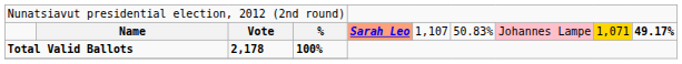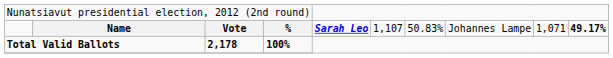 <table class="wikitable">
 <tr>
 <td colspan=4 align=center>Nunatsiavut presidential election, 2012 (2nd round)</td>
 </tr>
 <tr>
 <td></td>
 <th><strong>Name </strong></th>
 <th><strong>Vote</strong></th>
 <th><strong>%</strong><br></th>
-<td style="background: lightsalmon;"><strong><em><a href='#'>Sarah Leo</a></em></strong></td>
+<td><strong><em><a href='#'>Sarah Leo</a></em></strong></td>
 <td>1,107</td>
 <td>50.83%<br></td>
-<td style="background: pink;">Johannes Lampe</td>
-<td style="background: gold;">1,071</td>
+<td>Johannes Lampe</td>
+<td>1,071</td>
 <td><strong>49.17%</strong></td>
 </tr>
 <tr>
 <td colspan=2><strong>Total Valid Ballots</strong></td>
 <td><strong>2,178</strong></td>
 <td><strong>100%</strong></td>
 </tr>
 <tr>
 </tr>
 </table>
